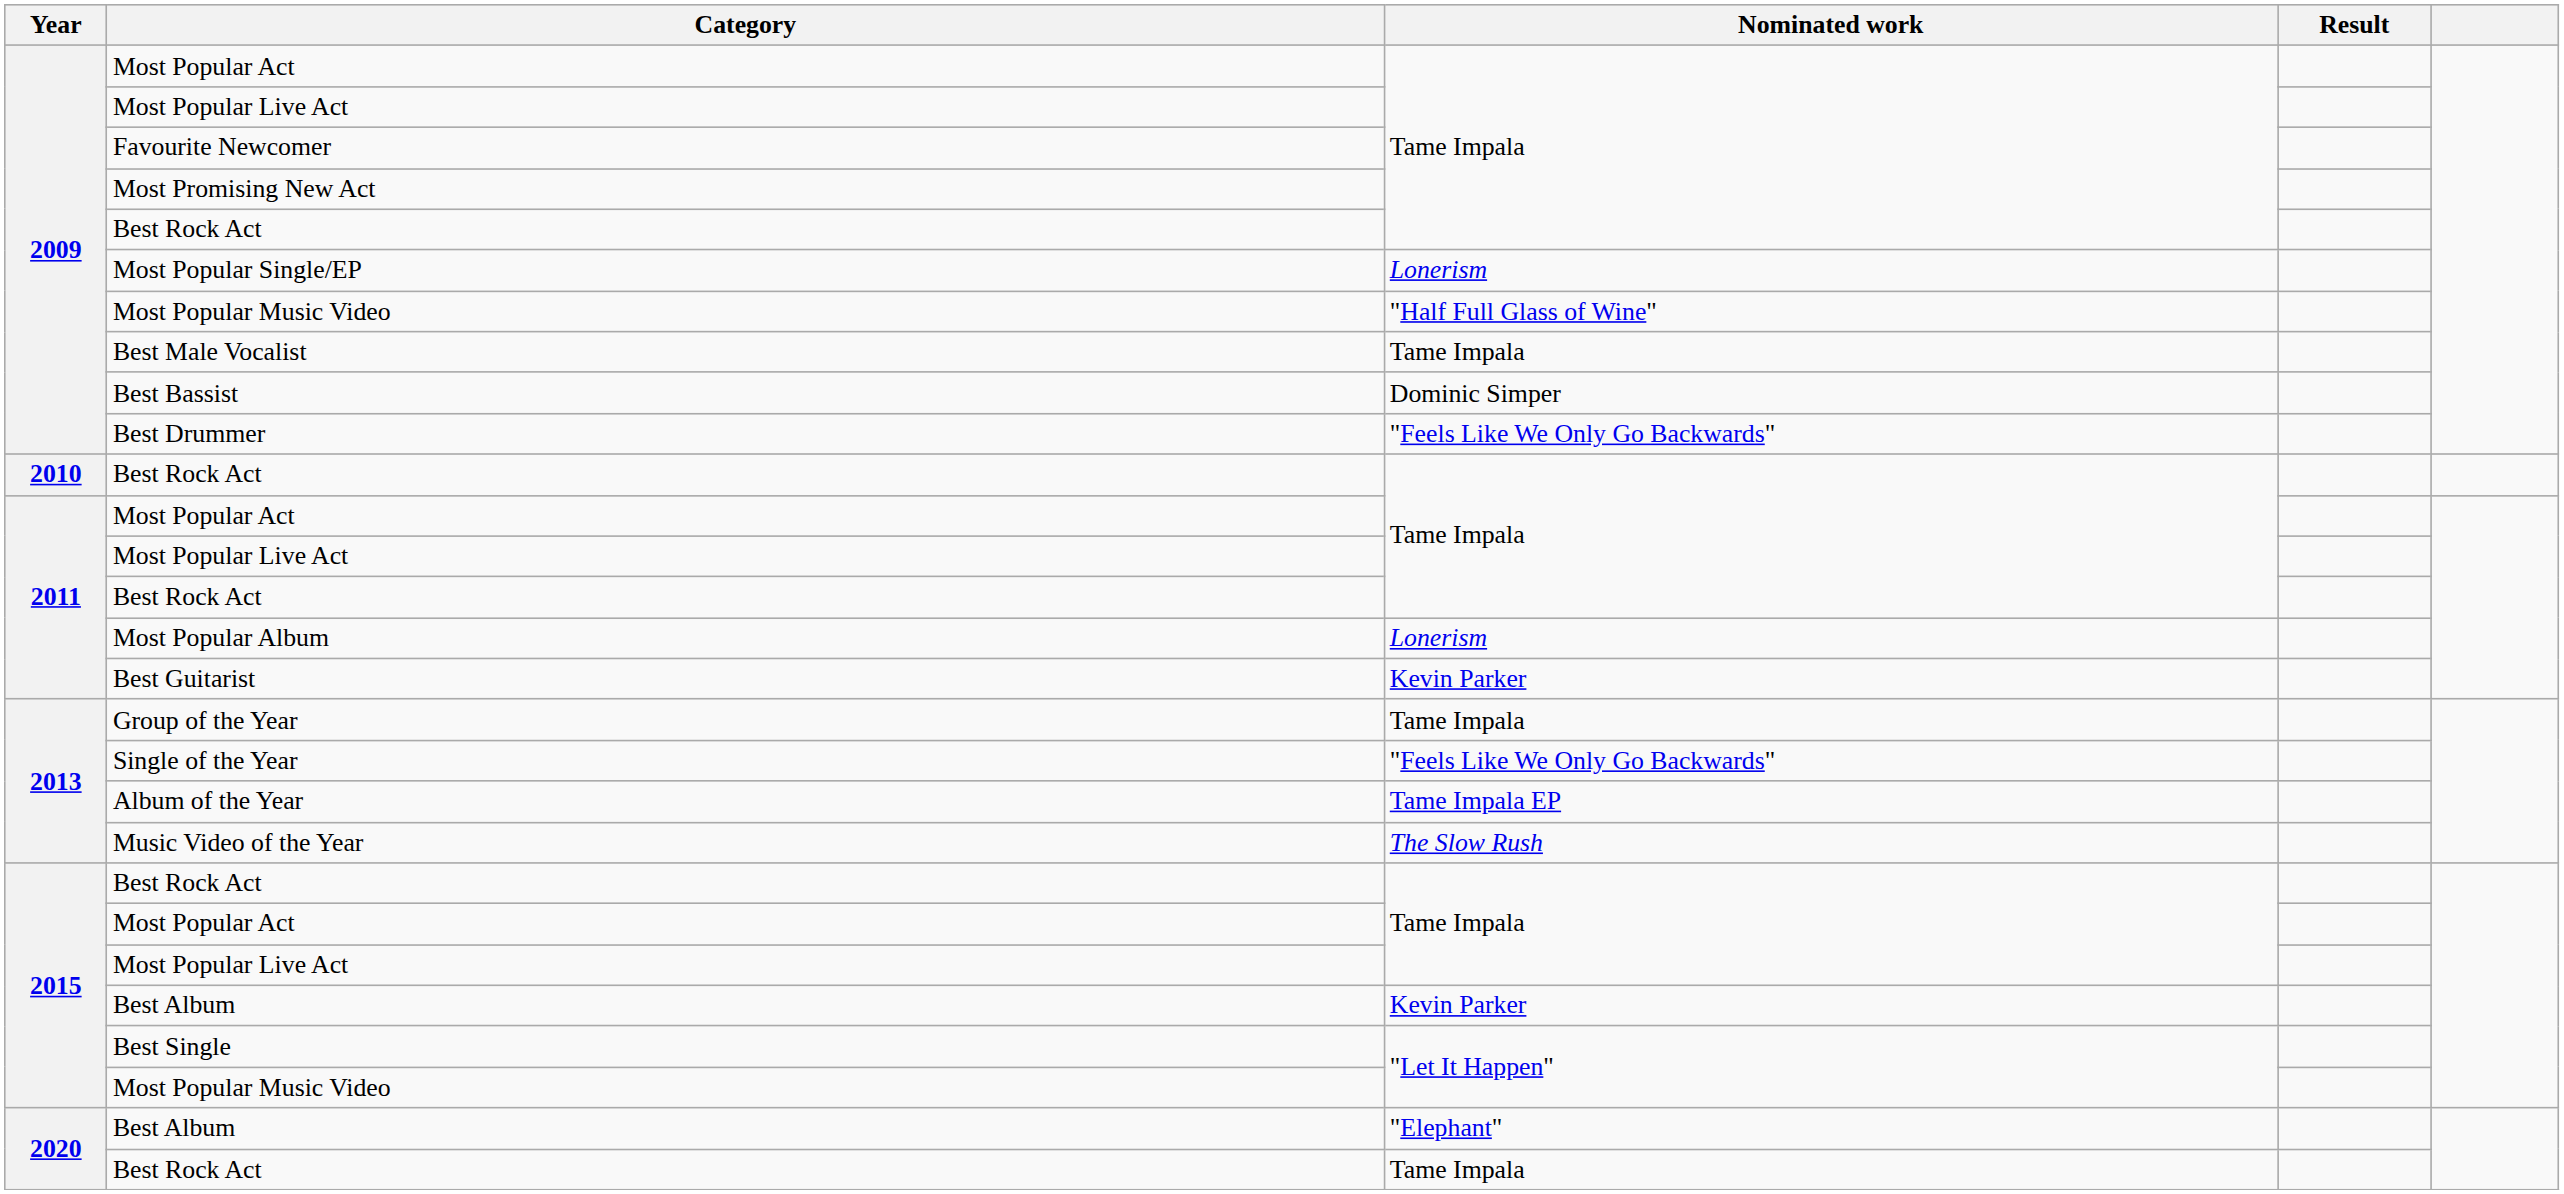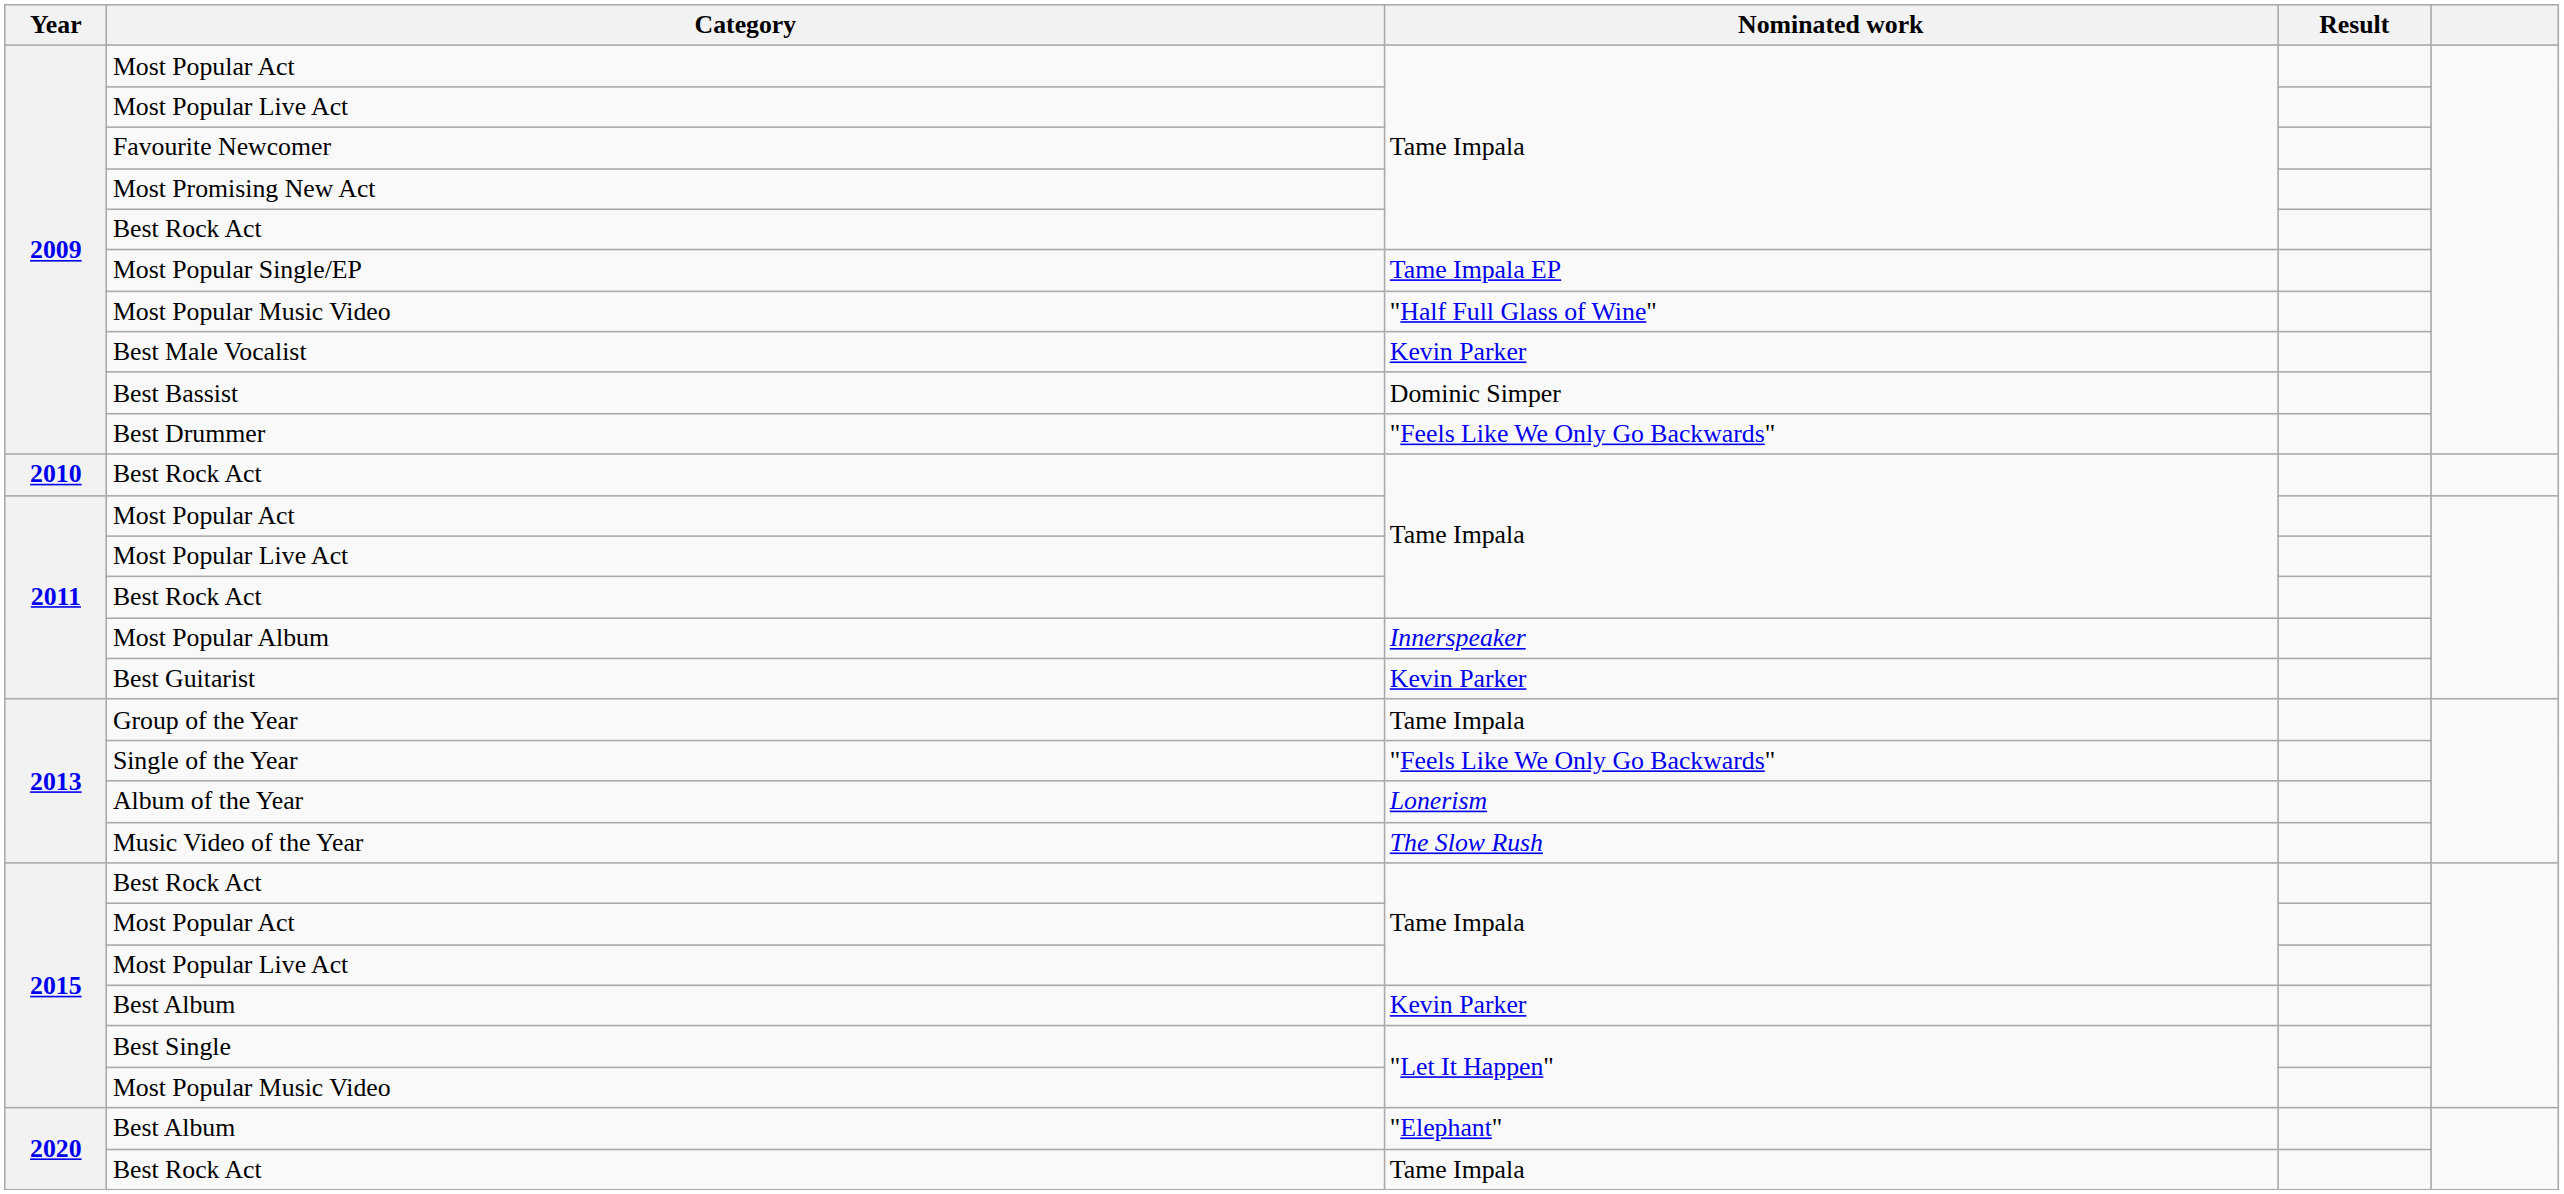 <table class="wikitable plainrowheaders" style="width:80%;">
 <tr>
 <th scope="col" style="width:4%;">Year</th>
 <th scope="col" style="width:50%;">Category</th>
 <th scope="col" style="width:35%;">Nominated work</th>
 <th scope="col" style="width:6%;">Result</th>
 <th scope="col" style="width:6%;"></th>
 </tr>
 <tr>
 <th scope="row" rowspan="10"><a href='#'>2009</a></th>
 <td>Most Popular Act</td>
 <td rowspan="5">Tame Impala</td>
 <td></td>
 <td rowspan=10></td>
 </tr>
 <tr>
 <td>Most Popular Live Act</td>
 <td></td>
 </tr>
 <tr>
 <td>Favourite Newcomer</td>
 <td></td>
 </tr>
 <tr>
 <td>Most Promising New Act</td>
 <td></td>
 </tr>
 <tr>
 <td>Best Rock Act</td>
 <td></td>
 </tr>
 <tr>
 <td>Most Popular Single/EP</td>
-<td><em><a href='#'>Lonerism</a></em></td>
+<td><a href='#'>Tame Impala EP</a></td>
 <td></td>
 </tr>
 <tr>
 <td>Most Popular Music Video</td>
 <td>"<a href='#'>Half Full Glass of Wine</a>"</td>
 <td></td>
 </tr>
 <tr>
 <td>Best Male Vocalist</td>
-<td>Tame Impala</td>
+<td><a href='#'>Kevin Parker</a></td>
 <td></td>
 </tr>
 <tr>
 <td>Best Bassist</td>
 <td>Dominic Simper</td>
 <td></td>
 </tr>
 <tr>
 <td>Best Drummer</td>
 <td>"<a href='#'>Feels Like We Only Go Backwards</a>"</td>
 <td></td>
 </tr>
 <tr>
 <th scope="row"><a href='#'>2010</a></th>
 <td>Best Rock Act</td>
 <td rowspan="4">Tame Impala</td>
 <td></td>
 <td></td>
 </tr>
 <tr>
 <th scope="row" rowspan="5"><a href='#'>2011</a></th>
 <td>Most Popular Act</td>
 <td></td>
 <td rowspan="5"></td>
 </tr>
 <tr>
 <td>Most Popular Live Act</td>
 <td></td>
 </tr>
 <tr>
 <td>Best Rock Act</td>
 <td></td>
 </tr>
 <tr>
 <td>Most Popular Album</td>
-<td><em><a href='#'>Lonerism</a></em></td>
+<td><em><a href='#'>Innerspeaker</a></em></td>
 <td></td>
 </tr>
 <tr>
 <td>Best Guitarist</td>
 <td><a href='#'>Kevin Parker</a></td>
 <td></td>
 </tr>
 <tr>
 <th scope="row" rowspan="4"><a href='#'>2013</a></th>
 <td>Group of the Year</td>
 <td>Tame Impala</td>
 <td></td>
 <td rowspan=4></td>
 </tr>
 <tr>
 <td>Single of the Year</td>
 <td>"<a href='#'>Feels Like We Only Go Backwards</a>"</td>
 <td></td>
 </tr>
 <tr>
 <td>Album of the Year</td>
-<td><a href='#'>Tame Impala EP</a></td>
+<td><em><a href='#'>Lonerism</a></em></td>
 <td></td>
 </tr>
 <tr>
 <td>Music Video of the Year</td>
 <td><em><a href='#'>The Slow Rush</a></em></td>
 <td></td>
 </tr>
 <tr>
 <th scope="row" rowspan="6"><a href='#'>2015</a></th>
 <td>Best Rock Act</td>
 <td rowspan="3">Tame Impala</td>
 <td></td>
 <td rowspan="6"></td>
 </tr>
 <tr>
 <td>Most Popular Act</td>
 <td></td>
 </tr>
 <tr>
 <td>Most Popular Live Act</td>
 <td></td>
 </tr>
 <tr>
 <td>Best Album</td>
 <td><a href='#'>Kevin Parker</a></td>
 <td></td>
 </tr>
 <tr>
 <td>Best Single</td>
 <td rowspan="2">"<a href='#'>Let It Happen</a>"</td>
 <td></td>
 </tr>
 <tr>
 <td>Most Popular Music Video</td>
 <td></td>
 </tr>
 <tr>
 <th scope="row" rowspan="2"><a href='#'>2020</a></th>
 <td>Best Album</td>
 <td>"<a href='#'>Elephant</a>"</td>
 <td></td>
 <td rowspan="2"></td>
 </tr>
 <tr>
 <td>Best Rock Act</td>
 <td>Tame Impala</td>
 <td></td>
 </tr>
 <tr>
 </tr>
 <tr>
 </tr>
 </table>
